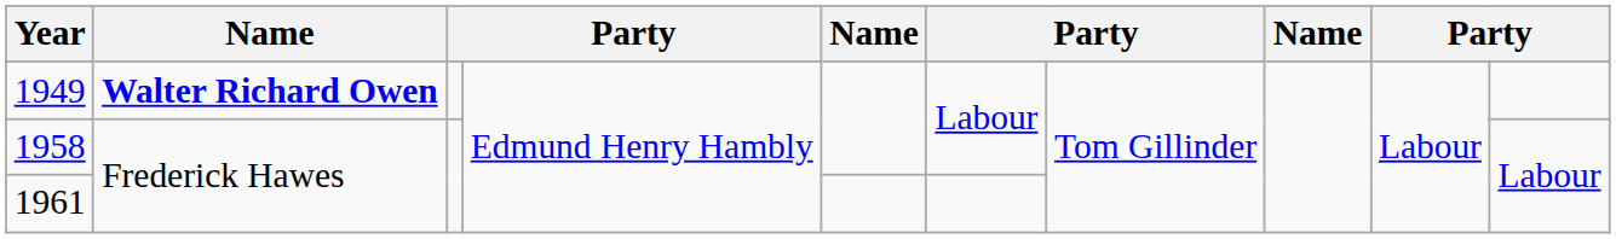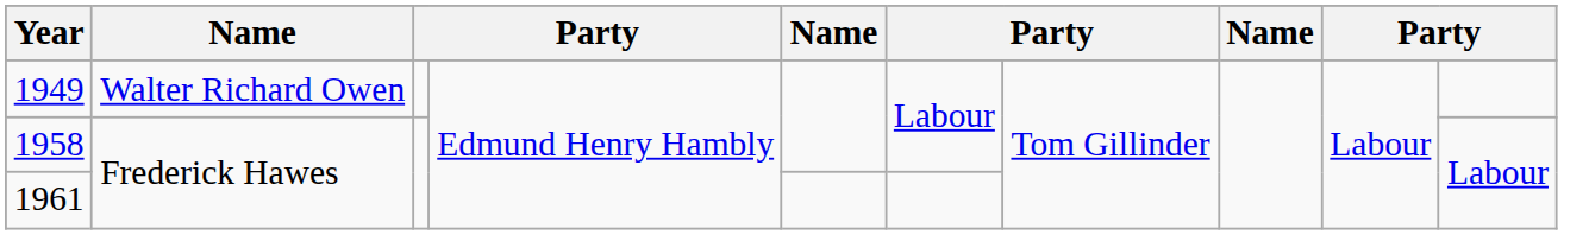 <table class="wikitable">
 <tr>
 <th>Year</th>
 <th>Name</th>
 <th colspan=2>Party</th>
 <th>Name</th>
 <th colspan=2>Party</th>
 <th>Name</th>
 <th colspan=2>Party</th>
 </tr>
 <tr>
 <td><a href='#'>1949</a></td>
-<td><strong><a href='#'>Walter Richard Owen</a></strong></td>
+<td><a href='#'>Walter Richard Owen</a></td>
 <td></td>
 <td rowspan=3><a href='#'>Edmund Henry Hambly</a></td>
 <td rowspan=2 style="background-color: "></td>
 <td rowspan=2><a href='#'>Labour</a></td>
 <td rowspan=3><a href='#'>Tom Gillinder</a></td>
 <td rowspan=3 style="background-color: "></td>
 <td rowspan=3><a href='#'>Labour</a></td>
 </tr>
 <tr>
 <td><a href='#'>1958</a></td>
 <td rowspan=2>Frederick Hawes</td>
 <td rowspan=2 style="background-color: "></td>
 <td rowspan=2><a href='#'>Labour</a></td>
 </tr>
 <tr>
 <td>1961</td>
 <td></td>
 </tr>
 </table>
